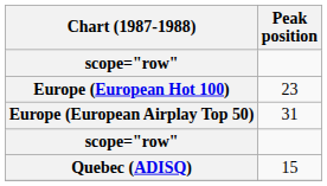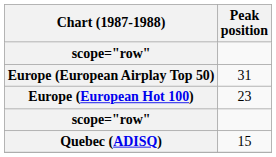 <table class="wikitable sortable plainrowheaders">
 <tr>
 <th>Chart (1987-1988)</th>
 <th>Peak<br>position</th>
 </tr>
 <tr>
 <th>scope="row"</th>
 </tr>
 <tr>
+<th scope="row">Europe (European Airplay Top 50)</th>
+<td align="center">31</td>
+</tr>
+<tr>
 <th scope="row">Europe (<a href='#'>European Hot 100</a>)</th>
 <td align="center">23</td>
-</tr>
-<tr>
-<th scope="row">Europe (European Airplay Top 50)</th>
-<td align="center">31</td>
 </tr>
 <tr>
 <th>scope="row"</th>
 </tr>
 <tr>
 <th scope="row">Quebec (<a href='#'>ADISQ</a>)</th>
 <td align="center">15</td>
 </tr>
 <tr>
 </tr>
 </table>
